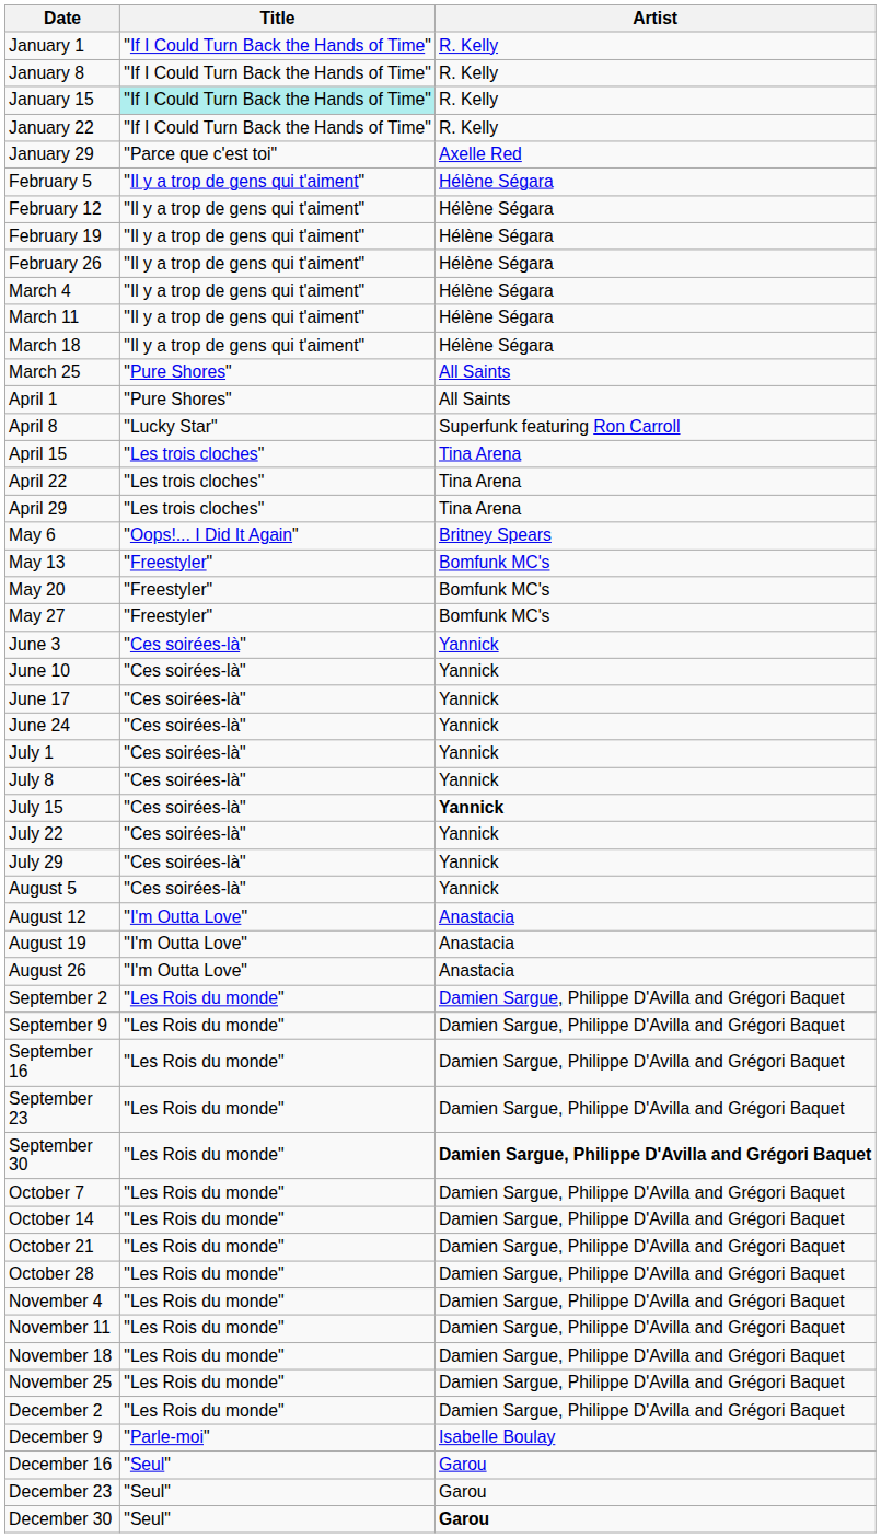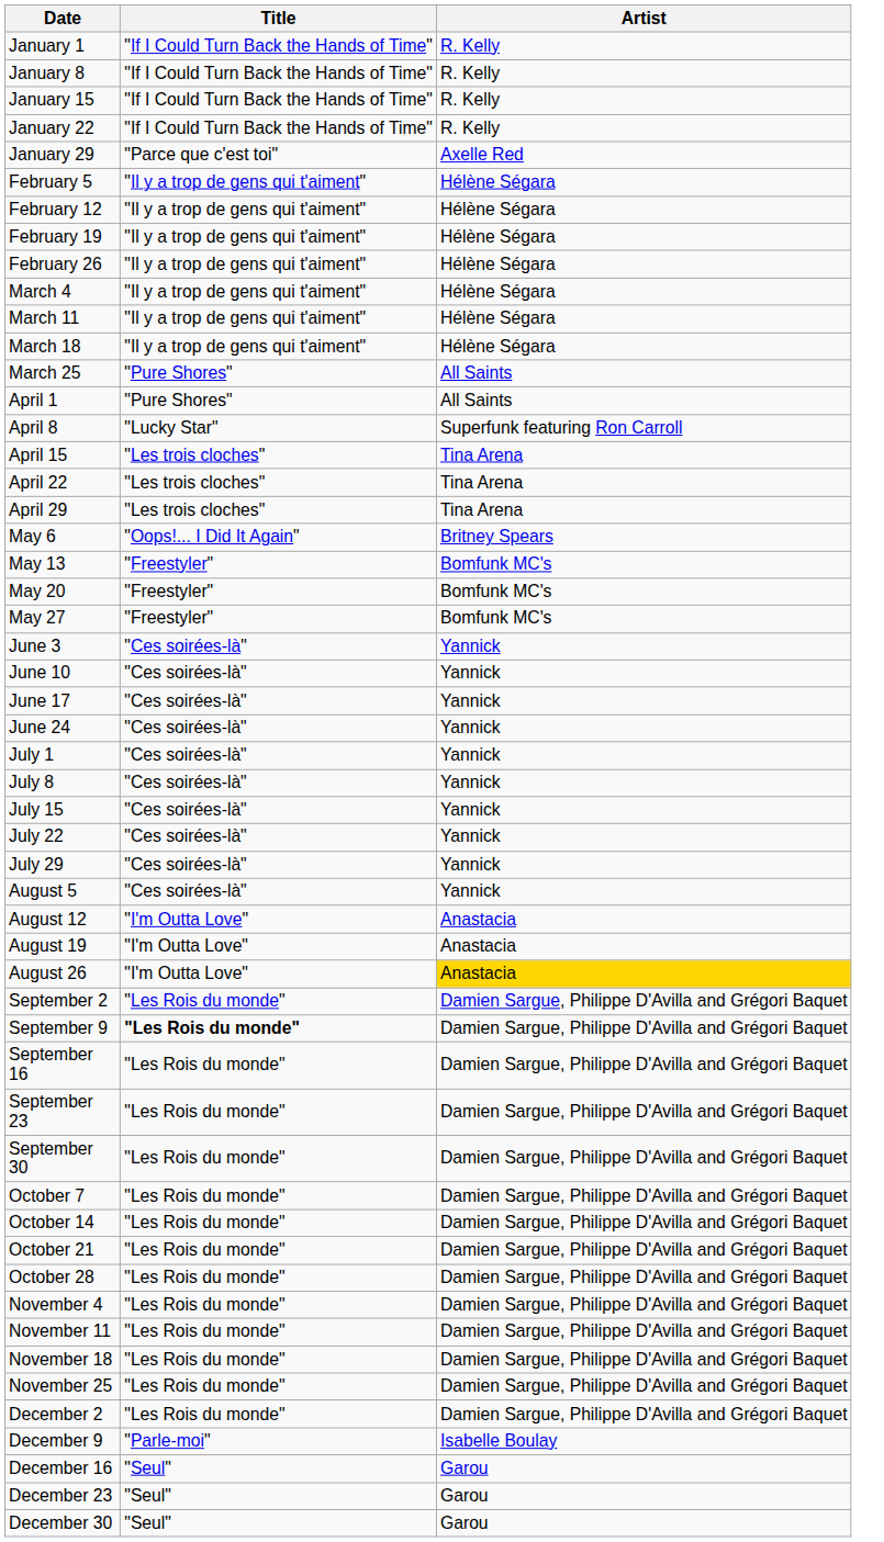 <table class="wikitable">
 <tr>
 <th width="100px">Date</th>
 <th>Title</th>
 <th>Artist</th>
 </tr>
 <tr>
 <td>January 1</td>
 <td>"<a href='#'>If I Could Turn Back the Hands of Time</a>"</td>
 <td><a href='#'>R. Kelly</a></td>
 </tr>
 <tr>
 <td>January 8</td>
 <td>"If I Could Turn Back the Hands of Time"</td>
 <td>R. Kelly</td>
 </tr>
 <tr>
 <td>January 15</td>
-<td style="background: paleturquoise;">"If I Could Turn Back the Hands of Time"</td>
+<td>"If I Could Turn Back the Hands of Time"</td>
 <td>R. Kelly</td>
 </tr>
 <tr>
 <td>January 22</td>
 <td>"If I Could Turn Back the Hands of Time"</td>
 <td>R. Kelly</td>
 </tr>
 <tr>
 <td>January 29</td>
 <td>"Parce que c'est toi"</td>
 <td><a href='#'>Axelle Red</a></td>
 </tr>
 <tr>
 <td>February 5</td>
 <td>"<a href='#'>Il y a trop de gens qui t'aiment</a>"</td>
 <td><a href='#'>Hélène Ségara</a></td>
 </tr>
 <tr>
 <td>February 12</td>
 <td>"Il y a trop de gens qui t'aiment"</td>
 <td>Hélène Ségara</td>
 </tr>
 <tr>
 <td>February 19</td>
 <td>"Il y a trop de gens qui t'aiment"</td>
 <td>Hélène Ségara</td>
 </tr>
 <tr>
 <td>February 26</td>
 <td>"Il y a trop de gens qui t'aiment"</td>
 <td>Hélène Ségara</td>
 </tr>
 <tr>
 <td>March 4</td>
 <td>"Il y a trop de gens qui t'aiment"</td>
 <td>Hélène Ségara</td>
 </tr>
 <tr>
 <td>March 11</td>
 <td>"Il y a trop de gens qui t'aiment"</td>
 <td>Hélène Ségara</td>
 </tr>
 <tr>
 <td>March 18</td>
 <td>"Il y a trop de gens qui t'aiment"</td>
 <td>Hélène Ségara</td>
 </tr>
 <tr>
 <td>March 25</td>
 <td>"<a href='#'>Pure Shores</a>"</td>
 <td><a href='#'>All Saints</a></td>
 </tr>
 <tr>
 <td>April 1</td>
 <td>"Pure Shores"</td>
 <td>All Saints</td>
 </tr>
 <tr>
 <td>April 8</td>
 <td>"Lucky Star"</td>
 <td>Superfunk featuring <a href='#'>Ron Carroll</a></td>
 </tr>
 <tr>
 <td>April 15</td>
 <td>"<a href='#'>Les trois cloches</a>"</td>
 <td><a href='#'>Tina Arena</a></td>
 </tr>
 <tr>
 <td>April 22</td>
 <td>"Les trois cloches"</td>
 <td>Tina Arena</td>
 </tr>
 <tr>
 <td>April 29</td>
 <td>"Les trois cloches"</td>
 <td>Tina Arena</td>
 </tr>
 <tr>
 <td>May 6</td>
 <td>"<a href='#'>Oops!... I Did It Again</a>"</td>
 <td><a href='#'>Britney Spears</a></td>
 </tr>
 <tr>
 <td>May 13</td>
 <td>"<a href='#'>Freestyler</a>"</td>
 <td><a href='#'>Bomfunk MC's</a></td>
 </tr>
 <tr>
 <td>May 20</td>
 <td>"Freestyler"</td>
 <td>Bomfunk MC's</td>
 </tr>
 <tr>
 <td>May 27</td>
 <td>"Freestyler"</td>
 <td>Bomfunk MC's</td>
 </tr>
 <tr>
 <td>June 3</td>
 <td>"<a href='#'>Ces soirées-là</a>"</td>
 <td><a href='#'>Yannick</a></td>
 </tr>
 <tr>
 <td>June 10</td>
 <td>"Ces soirées-là"</td>
 <td>Yannick</td>
 </tr>
 <tr>
 <td>June 17</td>
 <td>"Ces soirées-là"</td>
 <td>Yannick</td>
 </tr>
 <tr>
 <td>June 24</td>
 <td>"Ces soirées-là"</td>
 <td>Yannick</td>
 </tr>
 <tr>
 <td>July 1</td>
 <td>"Ces soirées-là"</td>
 <td>Yannick</td>
 </tr>
 <tr>
 <td>July 8</td>
 <td>"Ces soirées-là"</td>
 <td>Yannick</td>
 </tr>
 <tr>
 <td>July 15</td>
 <td>"Ces soirées-là"</td>
-<td><strong>Yannick</strong></td>
+<td>Yannick</td>
 </tr>
 <tr>
 <td>July 22</td>
 <td>"Ces soirées-là"</td>
 <td>Yannick</td>
 </tr>
 <tr>
 <td>July 29</td>
 <td>"Ces soirées-là"</td>
 <td>Yannick</td>
 </tr>
 <tr>
 <td>August 5</td>
 <td>"Ces soirées-là"</td>
 <td>Yannick</td>
 </tr>
 <tr>
 <td>August 12</td>
 <td>"<a href='#'>I'm Outta Love</a>"</td>
 <td><a href='#'>Anastacia</a></td>
 </tr>
 <tr>
 <td>August 19</td>
 <td>"I'm Outta Love"</td>
 <td>Anastacia</td>
 </tr>
 <tr>
 <td>August 26</td>
 <td>"I'm Outta Love"</td>
-<td>Anastacia</td>
+<td style="background: gold;">Anastacia</td>
 </tr>
 <tr>
 <td>September 2</td>
 <td>"<a href='#'>Les Rois du monde</a>"</td>
 <td><a href='#'>Damien Sargue</a>, Philippe D'Avilla and Grégori Baquet</td>
 </tr>
 <tr>
 <td>September 9</td>
-<td>"Les Rois du monde"</td>
+<td><strong>"Les Rois du monde"</strong></td>
 <td>Damien Sargue, Philippe D'Avilla and Grégori Baquet</td>
 </tr>
 <tr>
 <td>September 16</td>
 <td>"Les Rois du monde"</td>
 <td>Damien Sargue, Philippe D'Avilla and Grégori Baquet</td>
 </tr>
 <tr>
 <td>September 23</td>
 <td>"Les Rois du monde"</td>
 <td>Damien Sargue, Philippe D'Avilla and Grégori Baquet</td>
 </tr>
 <tr>
 <td>September 30</td>
 <td>"Les Rois du monde"</td>
-<td><strong>Damien Sargue, Philippe D'Avilla and Grégori Baquet</strong></td>
+<td>Damien Sargue, Philippe D'Avilla and Grégori Baquet</td>
 </tr>
 <tr>
 <td>October 7</td>
 <td>"Les Rois du monde"</td>
 <td>Damien Sargue, Philippe D'Avilla and Grégori Baquet</td>
 </tr>
 <tr>
 <td>October 14</td>
 <td>"Les Rois du monde"</td>
 <td>Damien Sargue, Philippe D'Avilla and Grégori Baquet</td>
 </tr>
 <tr>
 <td>October 21</td>
 <td>"Les Rois du monde"</td>
 <td>Damien Sargue, Philippe D'Avilla and Grégori Baquet</td>
 </tr>
 <tr>
 <td>October 28</td>
 <td>"Les Rois du monde"</td>
 <td>Damien Sargue, Philippe D'Avilla and Grégori Baquet</td>
 </tr>
 <tr>
 <td>November 4</td>
 <td>"Les Rois du monde"</td>
 <td>Damien Sargue, Philippe D'Avilla and Grégori Baquet</td>
 </tr>
 <tr>
 <td>November 11</td>
 <td>"Les Rois du monde"</td>
 <td>Damien Sargue, Philippe D'Avilla and Grégori Baquet</td>
 </tr>
 <tr>
 <td>November 18</td>
 <td>"Les Rois du monde"</td>
 <td>Damien Sargue, Philippe D'Avilla and Grégori Baquet</td>
 </tr>
 <tr>
 <td>November 25</td>
 <td>"Les Rois du monde"</td>
 <td>Damien Sargue, Philippe D'Avilla and Grégori Baquet</td>
 </tr>
 <tr>
 <td>December 2</td>
 <td>"Les Rois du monde"</td>
 <td>Damien Sargue, Philippe D'Avilla and Grégori Baquet</td>
 </tr>
 <tr>
 <td>December 9</td>
 <td>"<a href='#'>Parle-moi</a>"</td>
 <td><a href='#'>Isabelle Boulay</a></td>
 </tr>
 <tr>
 <td>December 16</td>
 <td>"<a href='#'>Seul</a>"</td>
 <td><a href='#'>Garou</a></td>
 </tr>
 <tr>
 <td>December 23</td>
 <td>"Seul"</td>
 <td>Garou</td>
 </tr>
 <tr>
 <td>December 30</td>
 <td>"Seul"</td>
-<td><strong>Garou</strong></td>
+<td>Garou</td>
 </tr>
 </table>
